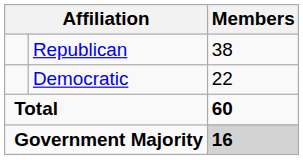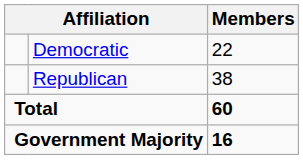 <table class="wikitable">
 <tr>
 <th colspan="2">Affiliation</th>
 <th>Members</th>
 </tr>
 <tr>
 <td style="background-color:"> </td>
-<td><a href='#'>Republican</a></td>
-<td>38</td>
+<td><a href='#'>Democratic</a></td>
+<td>22</td>
 </tr>
 <tr>
 <td style="background-color:"> </td>
-<td><a href='#'>Democratic</a></td>
-<td>22</td>
+<td><a href='#'>Republican</a></td>
+<td>38</td>
 </tr>
 <tr>
 <td colspan="2" rowspan="1"> <strong>Total</strong><br></td>
 <td><strong>60</strong></td>
 </tr>
 <tr>
 <td colspan="2" rowspan="1"> <strong>Government Majority</strong><br></td>
-<td style="background: lightgrey;"><strong>16</strong></td>
+<td><strong>16</strong></td>
 </tr>
 </table>
